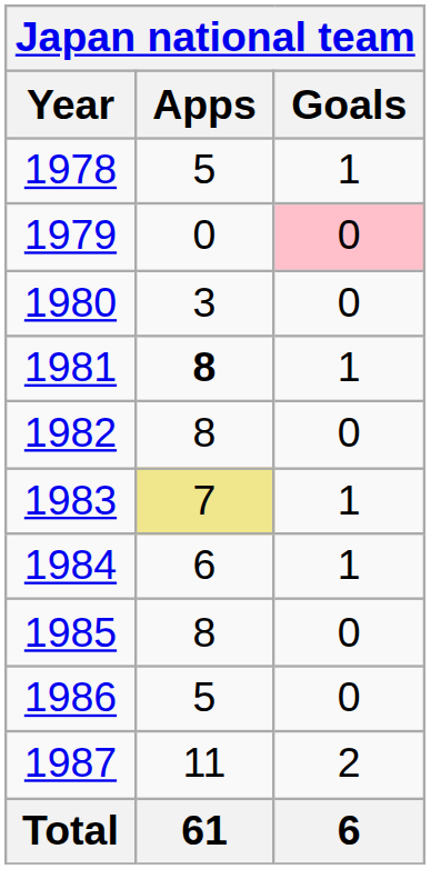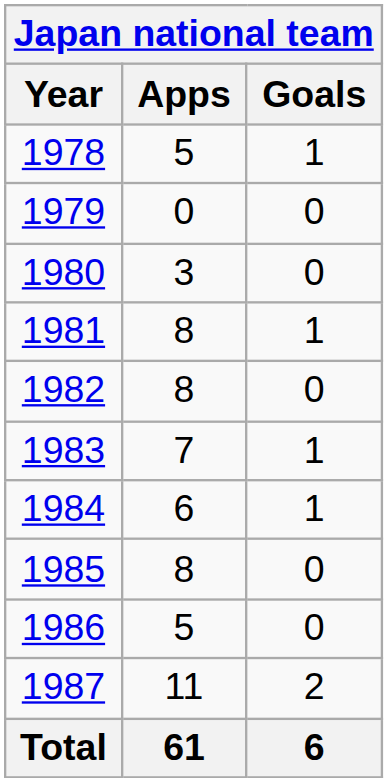 <table class="wikitable" style="text-align:center">
 <tr>
 <th colspan=3><a href='#'>Japan national team</a></th>
 </tr>
 <tr>
 <th>Year</th>
 <th>Apps</th>
 <th>Goals</th>
 </tr>
 <tr>
 <td><a href='#'>1978</a></td>
 <td>5</td>
 <td>1</td>
 </tr>
 <tr>
 <td><a href='#'>1979</a></td>
 <td>0</td>
-<td style="background: pink;">0</td>
+<td>0</td>
 </tr>
 <tr>
 <td><a href='#'>1980</a></td>
 <td>3</td>
 <td>0</td>
 </tr>
 <tr>
 <td><a href='#'>1981</a></td>
-<td><strong>8</strong></td>
+<td>8</td>
 <td>1</td>
 </tr>
 <tr>
 <td><a href='#'>1982</a></td>
 <td>8</td>
 <td>0</td>
 </tr>
 <tr>
 <td><a href='#'>1983</a></td>
-<td style="background: khaki;">7</td>
+<td>7</td>
 <td>1</td>
 </tr>
 <tr>
 <td><a href='#'>1984</a></td>
 <td>6</td>
 <td>1</td>
 </tr>
 <tr>
 <td><a href='#'>1985</a></td>
 <td>8</td>
 <td>0</td>
 </tr>
 <tr>
 <td><a href='#'>1986</a></td>
 <td>5</td>
 <td>0</td>
 </tr>
 <tr>
 <td><a href='#'>1987</a></td>
 <td>11</td>
 <td>2</td>
 </tr>
 <tr>
 <th>Total</th>
 <th>61</th>
 <th>6</th>
 </tr>
 </table>
